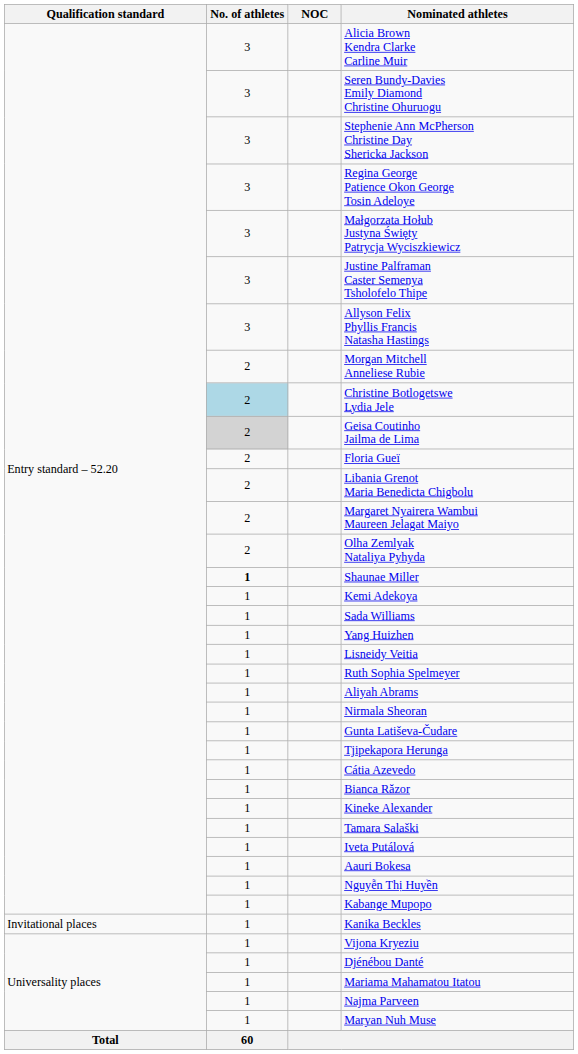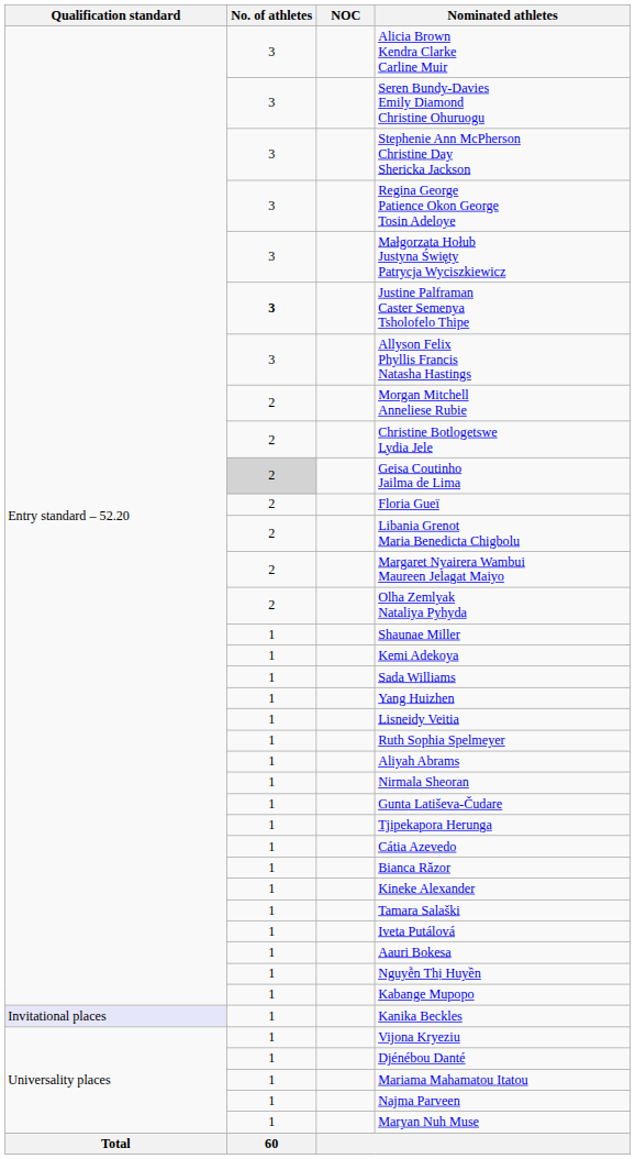 <table class="wikitable"  style="text-align:left; width:750px;">
 <tr>
 <th>Qualification standard</th>
 <th width=100>No. of athletes</th>
 <th>NOC</th>
 <th>Nominated athletes</th>
 </tr>
 <tr>
 <td rowspan=32>Entry standard – 52.20</td>
 <td style="text-align:center;">3</td>
 <td></td>
 <td><a href='#'>Alicia Brown</a><br><a href='#'>Kendra Clarke</a><br><a href='#'>Carline Muir</a></td>
 </tr>
 <tr>
 <td style="text-align:center;">3</td>
 <td></td>
 <td><a href='#'>Seren Bundy-Davies</a><br><a href='#'>Emily Diamond</a><br><a href='#'>Christine Ohuruogu</a></td>
 </tr>
 <tr>
 <td style="text-align:center;">3</td>
 <td></td>
 <td><a href='#'>Stephenie Ann McPherson</a><br><a href='#'>Christine Day</a><br><a href='#'>Shericka Jackson</a></td>
 </tr>
 <tr>
 <td style="text-align:center;">3</td>
 <td></td>
 <td><a href='#'>Regina George</a><br><a href='#'>Patience Okon George</a><br><a href='#'>Tosin Adeloye</a></td>
 </tr>
 <tr>
 <td style="text-align:center;">3</td>
 <td></td>
 <td><a href='#'>Małgorzata Hołub</a><br><a href='#'>Justyna Święty</a><br><a href='#'>Patrycja Wyciszkiewicz</a></td>
 </tr>
 <tr cz>
-<td style="text-align:center;">3</td>
+<td style="text-align:center;"><strong>3</strong></td>
 <td></td>
 <td><a href='#'>Justine Palframan</a><br><a href='#'>Caster Semenya</a><br><a href='#'>Tsholofelo Thipe</a></td>
 </tr>
 <tr>
 <td style="text-align:center;">3</td>
 <td></td>
 <td><a href='#'>Allyson Felix</a><br><a href='#'>Phyllis Francis</a><br><a href='#'>Natasha Hastings</a></td>
 </tr>
 <tr>
 <td style="text-align:center;">2</td>
 <td></td>
 <td><a href='#'>Morgan Mitchell</a><br><a href='#'>Anneliese Rubie</a></td>
 </tr>
 <tr>
-<td style="background: lightblue; text-align:center;">2</td>
+<td style="text-align:center;">2</td>
 <td></td>
 <td><a href='#'>Christine Botlogetswe</a><br><a href='#'>Lydia Jele</a></td>
 </tr>
 <tr>
 <td style="background: lightgrey; text-align:center;">2</td>
 <td></td>
 <td><a href='#'>Geisa Coutinho</a><br><a href='#'>Jailma de Lima</a></td>
 </tr>
 <tr>
 <td style="text-align:center;">2</td>
 <td></td>
 <td><a href='#'>Floria Gueï</a><br></td>
 </tr>
 <tr>
 <td style="text-align:center;">2</td>
 <td></td>
 <td><a href='#'>Libania Grenot</a><br><a href='#'>Maria Benedicta Chigbolu</a></td>
 </tr>
 <tr>
 <td style="text-align:center;">2</td>
 <td></td>
 <td><a href='#'>Margaret Nyairera Wambui</a><br><a href='#'>Maureen Jelagat Maiyo</a></td>
 </tr>
 <tr>
 <td style="text-align:center;">2</td>
 <td></td>
 <td><a href='#'>Olha Zemlyak</a><br><a href='#'>Nataliya Pyhyda</a></td>
 </tr>
 <tr>
-<td style="text-align:center;"><strong>1</strong></td>
+<td style="text-align:center;">1</td>
 <td></td>
 <td><a href='#'>Shaunae Miller</a></td>
 </tr>
 <tr>
 <td style="text-align:center;">1</td>
 <td></td>
 <td><a href='#'>Kemi Adekoya</a></td>
 </tr>
 <tr>
 <td style="text-align:center;">1</td>
 <td></td>
 <td><a href='#'>Sada Williams</a></td>
 </tr>
 <tr>
 <td style="text-align:center;">1</td>
 <td></td>
 <td><a href='#'>Yang Huizhen</a></td>
 </tr>
 <tr>
 <td style="text-align:center;">1</td>
 <td></td>
 <td><a href='#'>Lisneidy Veitia</a></td>
 </tr>
 <tr>
 <td style="text-align:center;">1</td>
 <td></td>
 <td><a href='#'>Ruth Sophia Spelmeyer</a></td>
 </tr>
 <tr>
 <td style="text-align:center;">1</td>
 <td></td>
 <td><a href='#'>Aliyah Abrams</a></td>
 </tr>
 <tr>
 <td style="text-align: center;">1</td>
 <td></td>
 <td><a href='#'>Nirmala Sheoran</a></td>
 </tr>
 <tr>
 <td style="text-align:center;">1</td>
 <td></td>
 <td><a href='#'>Gunta Latiševa-Čudare</a></td>
 </tr>
 <tr>
 <td style="text-align:center;">1</td>
 <td></td>
 <td><a href='#'>Tjipekapora Herunga</a></td>
 </tr>
 <tr>
 <td style="text-align:center;">1</td>
 <td></td>
 <td><a href='#'>Cátia Azevedo</a></td>
 </tr>
 <tr>
 <td style="text-align:center;">1</td>
 <td></td>
 <td><a href='#'>Bianca Răzor</a></td>
 </tr>
 <tr>
 <td style="text-align:center;">1</td>
 <td></td>
 <td><a href='#'>Kineke Alexander</a></td>
 </tr>
 <tr>
 <td style="text-align:center;">1</td>
 <td></td>
 <td><a href='#'>Tamara Salaški</a></td>
 </tr>
 <tr>
 <td style="text-align:center;">1</td>
 <td></td>
 <td><a href='#'>Iveta Putálová</a></td>
 </tr>
 <tr>
 <td style="text-align:center;">1</td>
 <td></td>
 <td><a href='#'>Aauri Bokesa</a></td>
 </tr>
 <tr>
 <td style="text-align:center;">1</td>
 <td></td>
 <td><a href='#'>Nguyễn Thị Huyền</a></td>
 </tr>
 <tr>
 <td style="text-align:center;">1</td>
 <td></td>
 <td><a href='#'>Kabange Mupopo</a></td>
 </tr>
 <tr>
-<td>Invitational places</td>
+<td style="background: lavender;">Invitational places</td>
 <td style="text-align:center;">1</td>
 <td></td>
 <td><a href='#'>Kanika Beckles</a></td>
 </tr>
 <tr>
 <td rowspan=5>Universality places</td>
 <td style="text-align:center;">1</td>
 <td></td>
 <td><a href='#'>Vijona Kryeziu</a></td>
 </tr>
 <tr>
 <td style="text-align:center;">1</td>
 <td></td>
 <td><a href='#'>Djénébou Danté</a></td>
 </tr>
 <tr>
 <td style="text-align:center;">1</td>
 <td></td>
 <td><a href='#'>Mariama Mahamatou Itatou</a></td>
 </tr>
 <tr>
 <td style="text-align:center;">1</td>
 <td></td>
 <td><a href='#'>Najma Parveen</a></td>
 </tr>
 <tr>
 <td style="text-align:center;">1</td>
 <td></td>
 <td><a href='#'>Maryan Nuh Muse</a></td>
 </tr>
 <tr>
 <th>Total</th>
 <th>60</th>
 <th colspan=2></th>
 </tr>
 </table>
